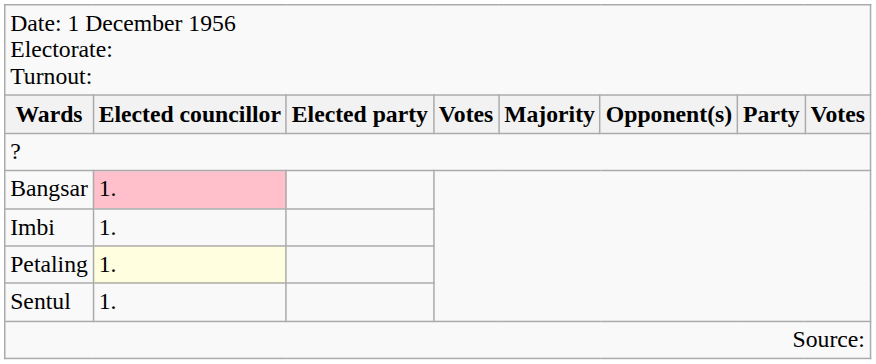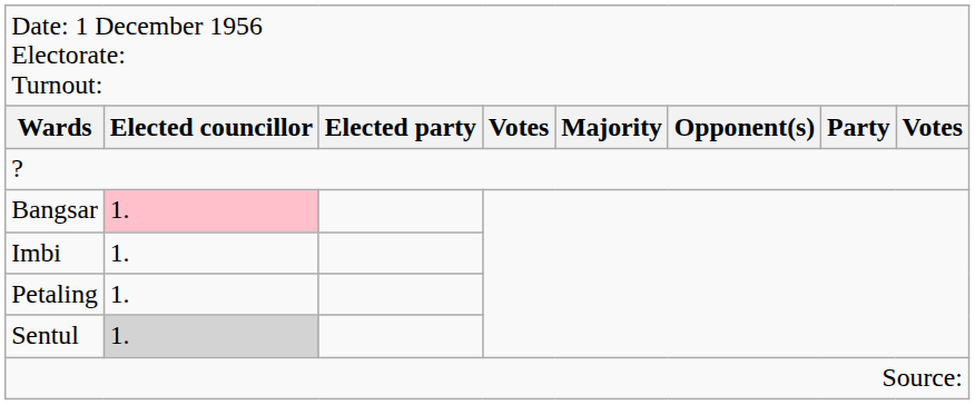 <table class=wikitable>
 <tr>
 <td colspan=8>Date: 1 December 1956<br>Electorate: <br>Turnout:</td>
 </tr>
 <tr>
 <th>Wards</th>
 <th>Elected councillor</th>
 <th>Elected party</th>
 <th>Votes</th>
 <th>Majority</th>
 <th>Opponent(s)</th>
 <th>Party</th>
 <th>Votes</th>
 </tr>
 <tr>
 <td colspan=8>? </td>
 </tr>
 <tr>
 <td>Bangsar</td>
 <td style="background: pink;">1.</td>
 <td></td>
 </tr>
 <tr>
 <td>Imbi</td>
 <td>1.</td>
 <td></td>
 </tr>
 <tr>
 <td>Petaling</td>
-<td style="background: lightyellow;">1.</td>
+<td>1.</td>
 <td></td>
 </tr>
 <tr>
 <td>Sentul</td>
-<td>1.</td>
+<td style="background: lightgrey;">1.</td>
 <td></td>
 </tr>
 <tr>
 <td colspan=8 align=right>Source: </td>
 </tr>
 </table>
